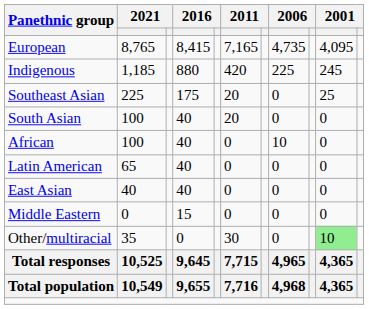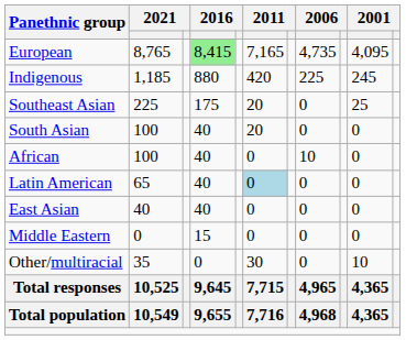 <table class="wikitable collapsible sortable">
 <tr>
 <th rowspan="2"><a href='#'>Panethnic</a> group</th>
 <th colspan="2">2021</th>
 <th colspan="2">2016</th>
 <th colspan="2">2011</th>
 <th colspan="2">2006</th>
 <th colspan="2">2001</th>
 </tr>
 <tr>
 <th><a href='#'></a></th>
 <th></th>
 <th></th>
 <th></th>
 <th></th>
 <th></th>
 <th></th>
 <th></th>
 <th></th>
 <th></th>
 </tr>
 <tr>
 <td><a href='#'>European</a></td>
 <td>8,765</td>
 <td></td>
-<td>8,415</td>
+<td style="background: lightgreen;">8,415</td>
 <td></td>
 <td>7,165</td>
 <td></td>
 <td>4,735</td>
 <td></td>
 <td>4,095</td>
 <td></td>
 </tr>
 <tr>
 <td><a href='#'>Indigenous</a></td>
 <td>1,185</td>
 <td></td>
 <td>880</td>
 <td></td>
 <td>420</td>
 <td></td>
 <td>225</td>
 <td></td>
 <td>245</td>
 <td></td>
 </tr>
 <tr>
 <td><a href='#'>Southeast Asian</a></td>
 <td>225</td>
 <td></td>
 <td>175</td>
 <td></td>
 <td>20</td>
 <td></td>
 <td>0</td>
 <td></td>
 <td>25</td>
 <td></td>
 </tr>
 <tr>
 <td><a href='#'>South Asian</a></td>
 <td>100</td>
 <td></td>
 <td>40</td>
 <td></td>
 <td>20</td>
 <td></td>
 <td>0</td>
 <td></td>
 <td>0</td>
 <td></td>
 </tr>
 <tr>
 <td><a href='#'>African</a></td>
 <td>100</td>
 <td></td>
 <td>40</td>
 <td></td>
 <td>0</td>
 <td></td>
 <td>10</td>
 <td></td>
 <td>0</td>
 <td></td>
 </tr>
 <tr>
 <td><a href='#'>Latin American</a></td>
 <td>65</td>
 <td></td>
 <td>40</td>
 <td></td>
-<td>0</td>
+<td style="background: lightblue;">0</td>
 <td></td>
 <td>0</td>
 <td></td>
 <td>0</td>
 <td></td>
 </tr>
 <tr>
 <td><a href='#'>East Asian</a></td>
 <td>40</td>
 <td></td>
 <td>40</td>
 <td></td>
 <td>0</td>
 <td></td>
 <td>0</td>
 <td></td>
 <td>0</td>
 <td></td>
 </tr>
 <tr>
 <td><a href='#'>Middle Eastern</a></td>
 <td>0</td>
 <td></td>
 <td>15</td>
 <td></td>
 <td>0</td>
 <td></td>
 <td>0</td>
 <td></td>
 <td>0</td>
 <td></td>
 </tr>
 <tr>
 <td>Other/<a href='#'>multiracial</a></td>
 <td>35</td>
 <td></td>
 <td>0</td>
 <td></td>
 <td>30</td>
 <td></td>
 <td>0</td>
 <td></td>
-<td style="background: lightgreen;">10</td>
+<td>10</td>
 <td></td>
 </tr>
 <tr>
 <th>Total responses</th>
 <th>10,525</th>
 <th></th>
 <th>9,645</th>
 <th></th>
 <th>7,715</th>
 <th></th>
 <th>4,965</th>
 <th></th>
 <th>4,365</th>
 <th></th>
 </tr>
 <tr class="sortbottom">
 <th>Total population</th>
 <th>10,549</th>
 <th></th>
 <th>9,655</th>
 <th></th>
 <th>7,716</th>
 <th></th>
 <th>4,968</th>
 <th></th>
 <th>4,365</th>
 <th></th>
 </tr>
 <tr class="sortbottom">
 <td colspan="11"></td>
 </tr>
 </table>
